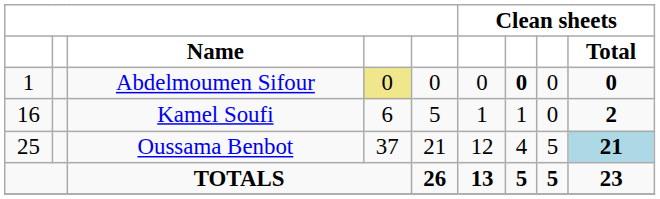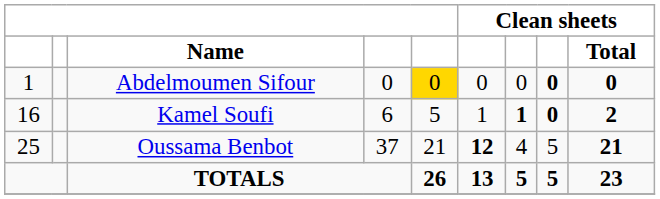 <table class="wikitable sortable alternance"  style="font-size:96%; text-align:center; line-height:14px; width:70%;">
 <tr>
 <th colspan="5" style="background:white; color:black; text-align:center;"></th>
 <th colspan="5" style="background:white; color:black; text-align:center;">Clean sheets</th>
 </tr>
 <tr>
 <th style="background:white; color:black; text-align:center;"></th>
 <th style="background:white; color:black; text-align:center;"></th>
 <th style="background:white; color:black; text-align:center;">Name</th>
 <th style="background:white; color:black; text-align:center;"></th>
 <th style="background:white; color:black; text-align:center;"></th>
 <th style="background:white; color:black; text-align:center;"></th>
 <th style="background:white; color:black; text-align:center;"></th>
 <th style="background:white; color:black; text-align:center;"></th>
 <th style="background:white; color:black; text-align:center;">Total</th>
 </tr>
 <tr>
 <td>1</td>
 <td></td>
 <td><a href='#'>Abdelmoumen Sifour</a></td>
-<td style="background: khaki;">0</td>
+<td>0</td>
+<td style="background: gold;">0</td>
 <td>0</td>
 <td>0</td>
 <td><strong>0</strong></td>
-<td>0</td>
 <td><strong>0</strong></td>
 </tr>
 <tr>
 <td>16</td>
 <td></td>
 <td><a href='#'>Kamel Soufi</a></td>
 <td>6</td>
 <td>5</td>
 <td>1</td>
-<td>1</td>
-<td>0</td>
+<td><strong>1</strong></td>
+<td><strong>0</strong></td>
 <td><strong>2</strong></td>
 </tr>
 <tr>
 <td>25</td>
 <td></td>
 <td><a href='#'>Oussama Benbot</a></td>
 <td>37</td>
 <td>21</td>
-<td>12</td>
+<td><strong>12</strong></td>
 <td>4</td>
 <td>5</td>
-<td style="background: lightblue;"><strong>21</strong></td>
+<td><strong>21</strong></td>
 </tr>
 <tr>
 <td colspan="2"></td>
 <td colspan="2"><strong>TOTALS</strong></td>
 <td><strong>26</strong></td>
 <td><strong>13</strong></td>
 <td><strong>5</strong></td>
 <td><strong>5</strong></td>
 <td><strong>23</strong></td>
 </tr>
 <tr>
 </tr>
 </table>
